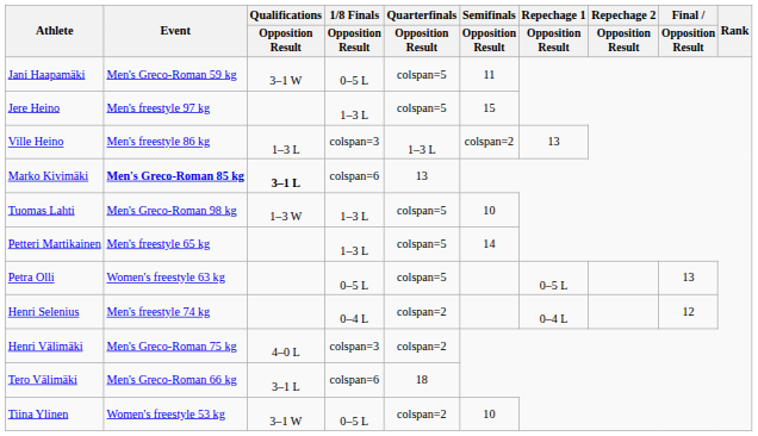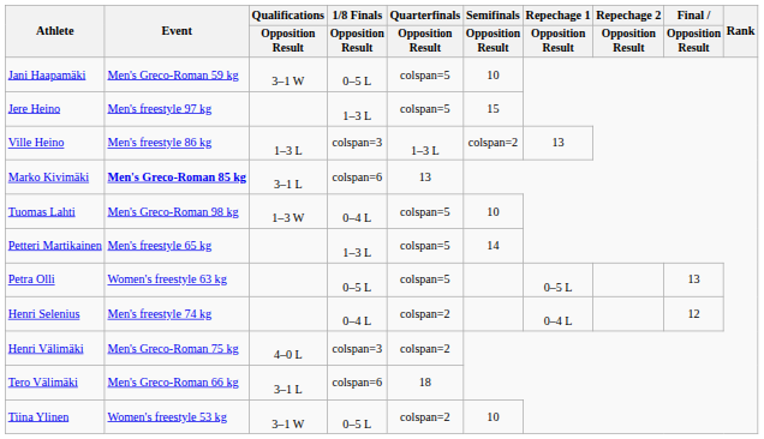 <table class="wikitable" style="font-size:90%">
 <tr>
 <th rowspan="2">Athlete</th>
 <th rowspan="2">Event</th>
 <th>Qualifications</th>
 <th>1/8 Finals</th>
 <th>Quarterfinals</th>
 <th>Semifinals</th>
 <th>Repechage 1</th>
 <th>Repechage 2</th>
 <th>Final / </th>
 <th rowspan="2">Rank</th>
 </tr>
 <tr style="font-size: 95%">
 <th>Opposition<br>Result</th>
 <th>Opposition<br>Result</th>
 <th>Opposition<br>Result</th>
 <th>Opposition<br>Result</th>
 <th>Opposition<br>Result</th>
 <th>Opposition<br>Result</th>
 <th>Opposition<br>Result</th>
 </tr>
 <tr align=center>
 <td align=left><a href='#'>Jani Haapamäki</a></td>
 <td align=left><a href='#'>Men's Greco-Roman 59 kg</a></td>
 <td><br>3–1 W </td>
 <td><br>0–5 L </td>
 <td>colspan=5 </td>
-<td>11</td>
+<td>10</td>
 </tr>
 <tr align=center>
 <td align=left><a href='#'>Jere Heino</a></td>
 <td align=left><a href='#'>Men's freestyle 97 kg</a></td>
 <td></td>
 <td><br>1–3 L </td>
 <td>colspan=5 </td>
 <td>15</td>
 </tr>
 <tr align=center>
 <td align=left><a href='#'>Ville Heino</a></td>
 <td align=left><a href='#'>Men's freestyle 86 kg</a></td>
 <td><br>1–3 L </td>
 <td>colspan=3 </td>
 <td><br>1–3 L </td>
 <td>colspan=2 </td>
 <td>13</td>
 </tr>
 <tr align=center>
 <td align=left><a href='#'>Marko Kivimäki</a></td>
 <td align=left><strong><a href='#'>Men's Greco-Roman 85 kg</a></strong></td>
-<td><strong><br>3–1 L </strong></td>
+<td><br>3–1 L </td>
 <td>colspan=6 </td>
 <td>13</td>
 </tr>
 <tr align=center>
 <td align=left><a href='#'>Tuomas Lahti</a></td>
 <td align=left><a href='#'>Men's Greco-Roman 98 kg</a></td>
 <td><br>1–3 W </td>
-<td><br>1–3 L </td>
+<td><br>0–4 L </td>
 <td>colspan=5 </td>
 <td>10</td>
 </tr>
 <tr align=center>
 <td align=left><a href='#'>Petteri Martikainen</a></td>
 <td align=left><a href='#'>Men's freestyle 65 kg</a></td>
 <td></td>
 <td><br>1–3 L </td>
 <td>colspan=5 </td>
 <td>14</td>
 </tr>
 <tr align=center>
 <td align=left><a href='#'>Petra Olli</a></td>
 <td align=left><a href='#'>Women's freestyle 63 kg</a></td>
 <td></td>
 <td><br>0–5 L </td>
 <td>colspan=5 </td>
 <td></td>
 <td><br>0–5 L </td>
 <td></td>
 <td>13</td>
 </tr>
 <tr align=center>
 <td align=left><a href='#'>Henri Selenius</a></td>
 <td align=left><a href='#'>Men's freestyle 74 kg</a></td>
 <td></td>
 <td><br>0–4 L </td>
 <td>colspan=2 </td>
 <td></td>
 <td><br>0–4 L </td>
 <td></td>
 <td>12</td>
 </tr>
 <tr align=center>
 <td align=left><a href='#'>Henri Välimäki</a></td>
 <td align=left><a href='#'>Men's Greco-Roman 75 kg</a></td>
 <td><br>4–0 L </td>
 <td>colspan=3 </td>
 <td>colspan=2 </td>
 </tr>
 <tr align=center>
 <td align=left><a href='#'>Tero Välimäki</a></td>
 <td align=left><a href='#'>Men's Greco-Roman 66 kg</a></td>
 <td><br>3–1 L </td>
 <td>colspan=6 </td>
 <td>18</td>
 </tr>
 <tr align=center>
 <td align=left><a href='#'>Tiina Ylinen</a></td>
 <td align=left><a href='#'>Women's freestyle 53 kg</a></td>
 <td><br>3–1 W </td>
 <td><br>0–5 L </td>
 <td>colspan=2 </td>
 <td>10</td>
 </tr>
 </table>
